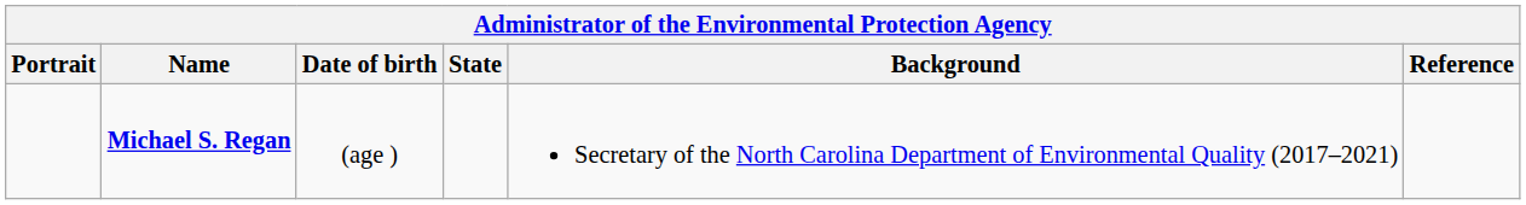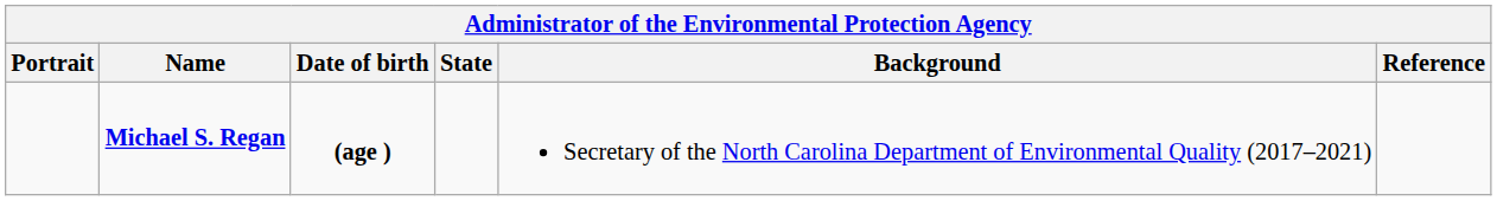 <table class="wikitable collapsible" style="text-align:center;">
 <tr>
 <th colspan="6"><a href='#'>Administrator of the Environmental Protection Agency</a></th>
 </tr>
 <tr>
 <th>Portrait</th>
 <th>Name</th>
 <th>Date of birth</th>
 <th>State</th>
 <th>Background</th>
 <th>Reference</th>
 </tr>
 <tr>
 <td></td>
 <td><strong><a href='#'>Michael S. Regan</a></strong></td>
-<td><br>(age )</td>
+<td><strong><br>(age )</strong></td>
 <td></td>
 <td><br><ul><li>Secretary of the <a href='#'>North Carolina Department of Environmental Quality</a> (2017–2021)</li></ul></td>
 <td></td>
 </tr>
 </table>
